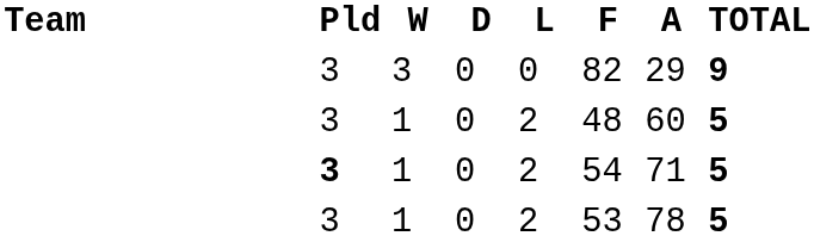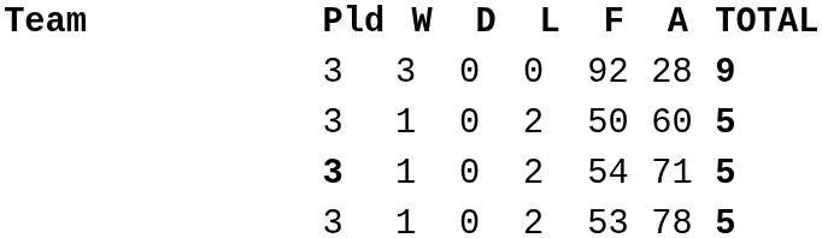 <table>
 <tr>
 <td><br></td>
 </tr>
 <tr border=1 cellpadding=5 cellspacing=0>
 <th width="200">Team</th>
 <th width="20">Pld</th>
 <th width="20">W</th>
 <th width="20">D</th>
 <th width="20">L</th>
 <th width="20">F</th>
 <th width="20">A</th>
 <th width="20">TOTAL</th>
 </tr>
 <tr>
 <td align=left></td>
 <td>3</td>
 <td>3</td>
 <td>0</td>
 <td>0</td>
-<td>82</td>
-<td>29</td>
+<td>92</td>
+<td>28</td>
 <td><strong>9</strong></td>
 </tr>
 <tr>
 <td align=left></td>
 <td>3</td>
 <td>1</td>
 <td>0</td>
 <td>2</td>
-<td>48</td>
+<td>50</td>
 <td>60</td>
 <td><strong>5</strong></td>
 </tr>
 <tr>
 <td align=left></td>
 <td><strong>3</strong></td>
 <td>1</td>
 <td>0</td>
 <td>2</td>
 <td>54</td>
 <td>71</td>
 <td><strong>5</strong></td>
 </tr>
 <tr>
 <td align=left></td>
 <td>3</td>
 <td>1</td>
 <td>0</td>
 <td>2</td>
 <td>53</td>
 <td>78</td>
 <td><strong>5</strong></td>
 </tr>
 </table>
